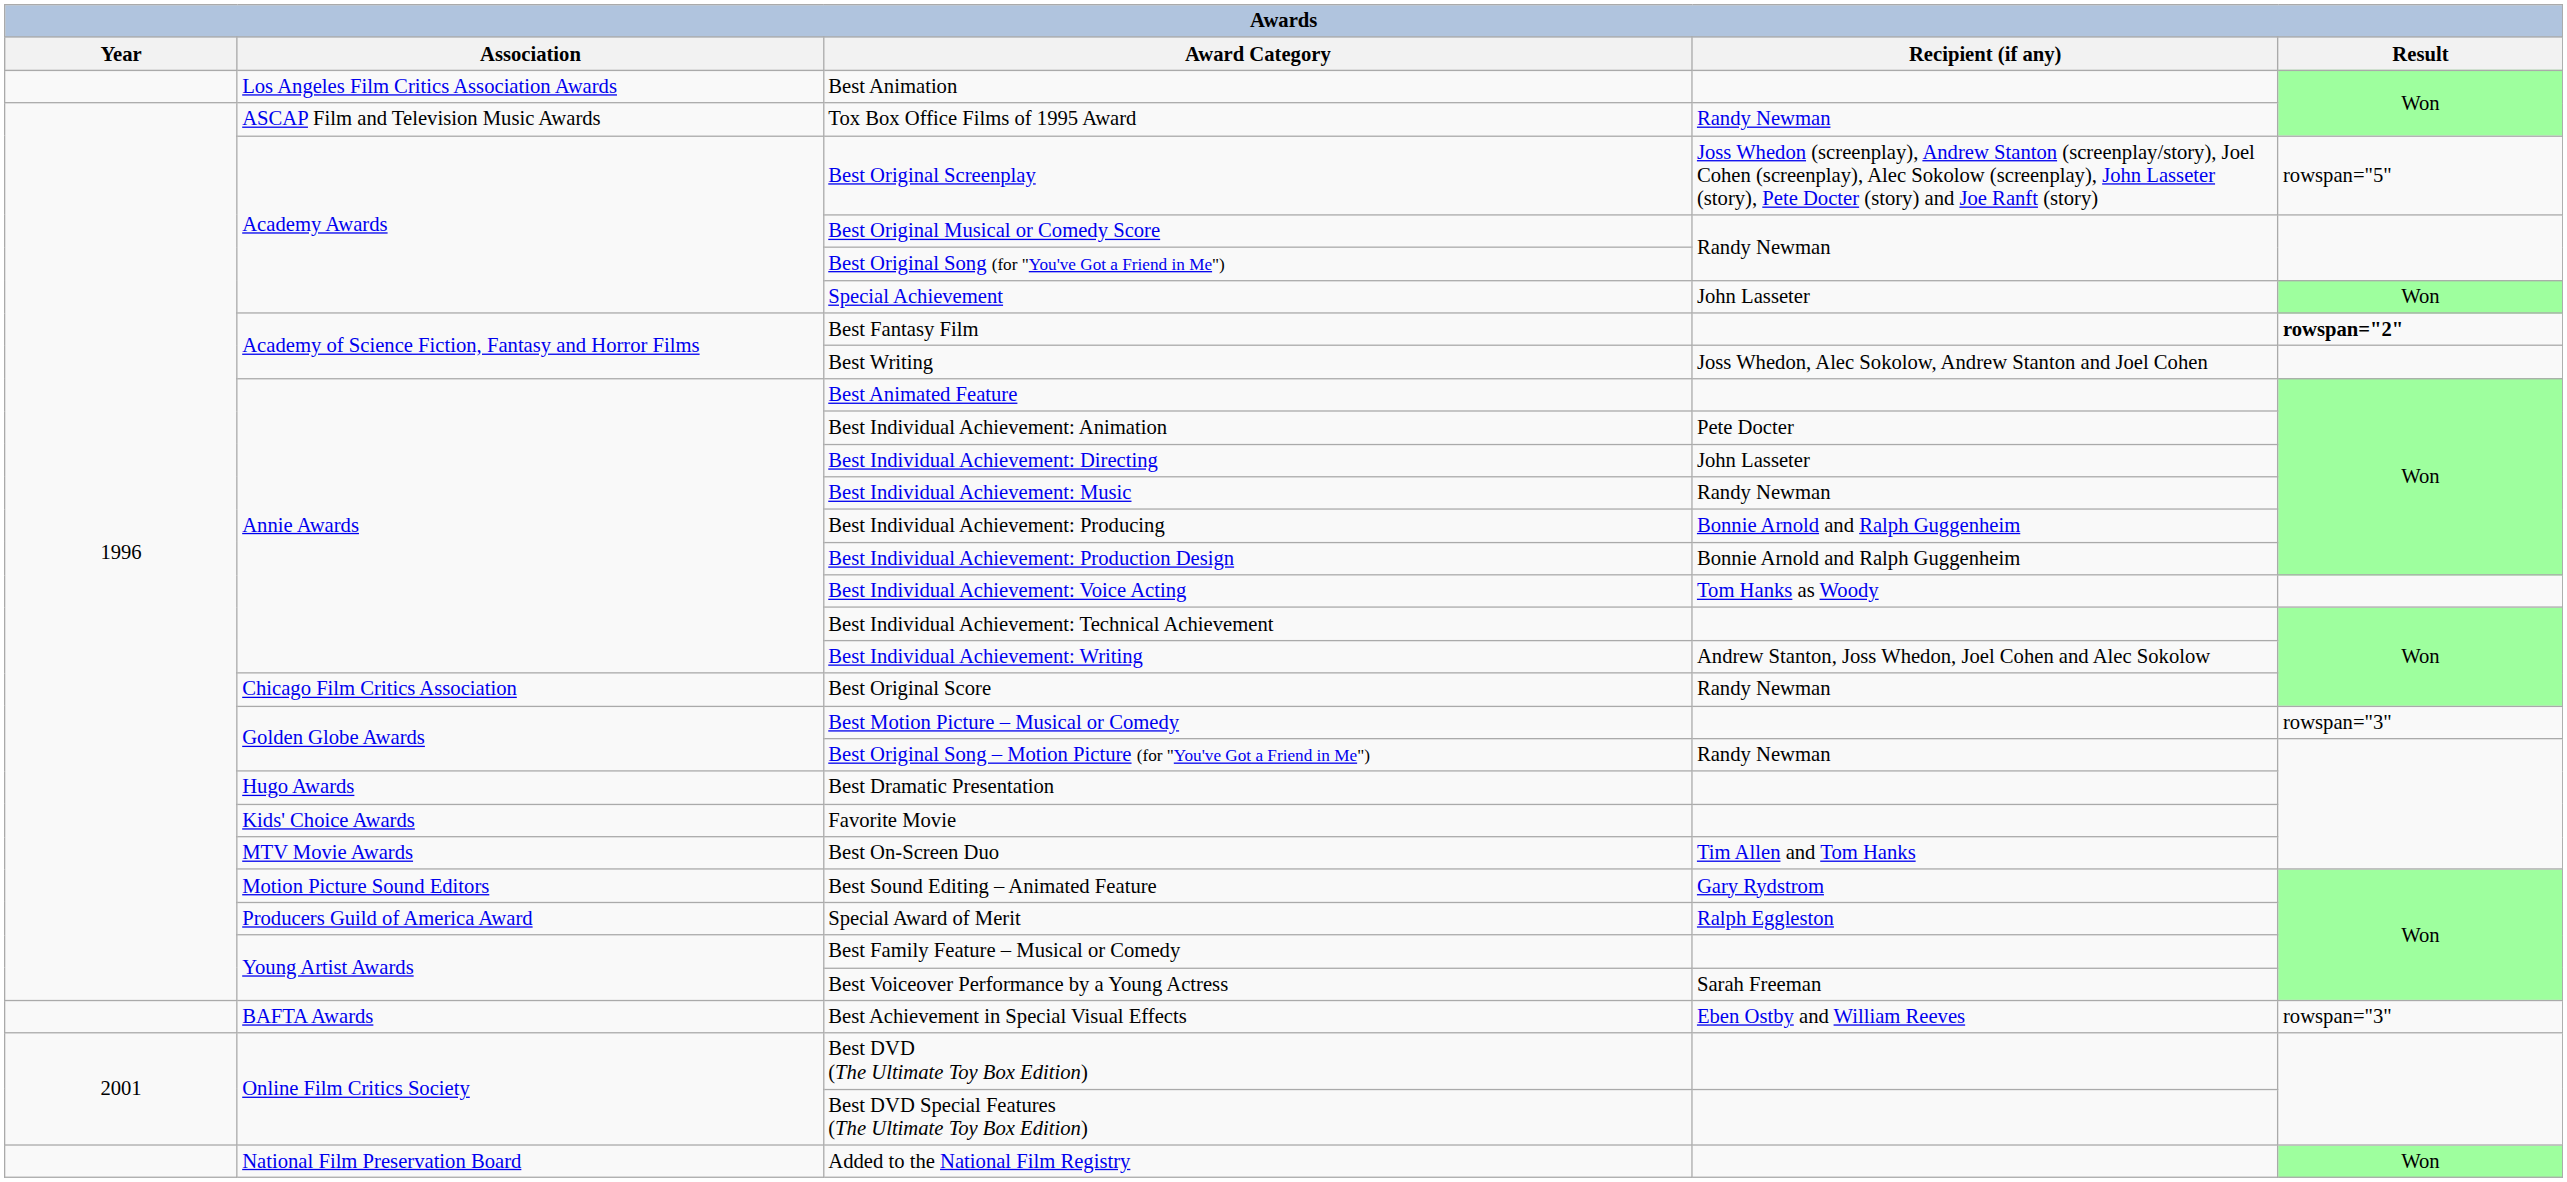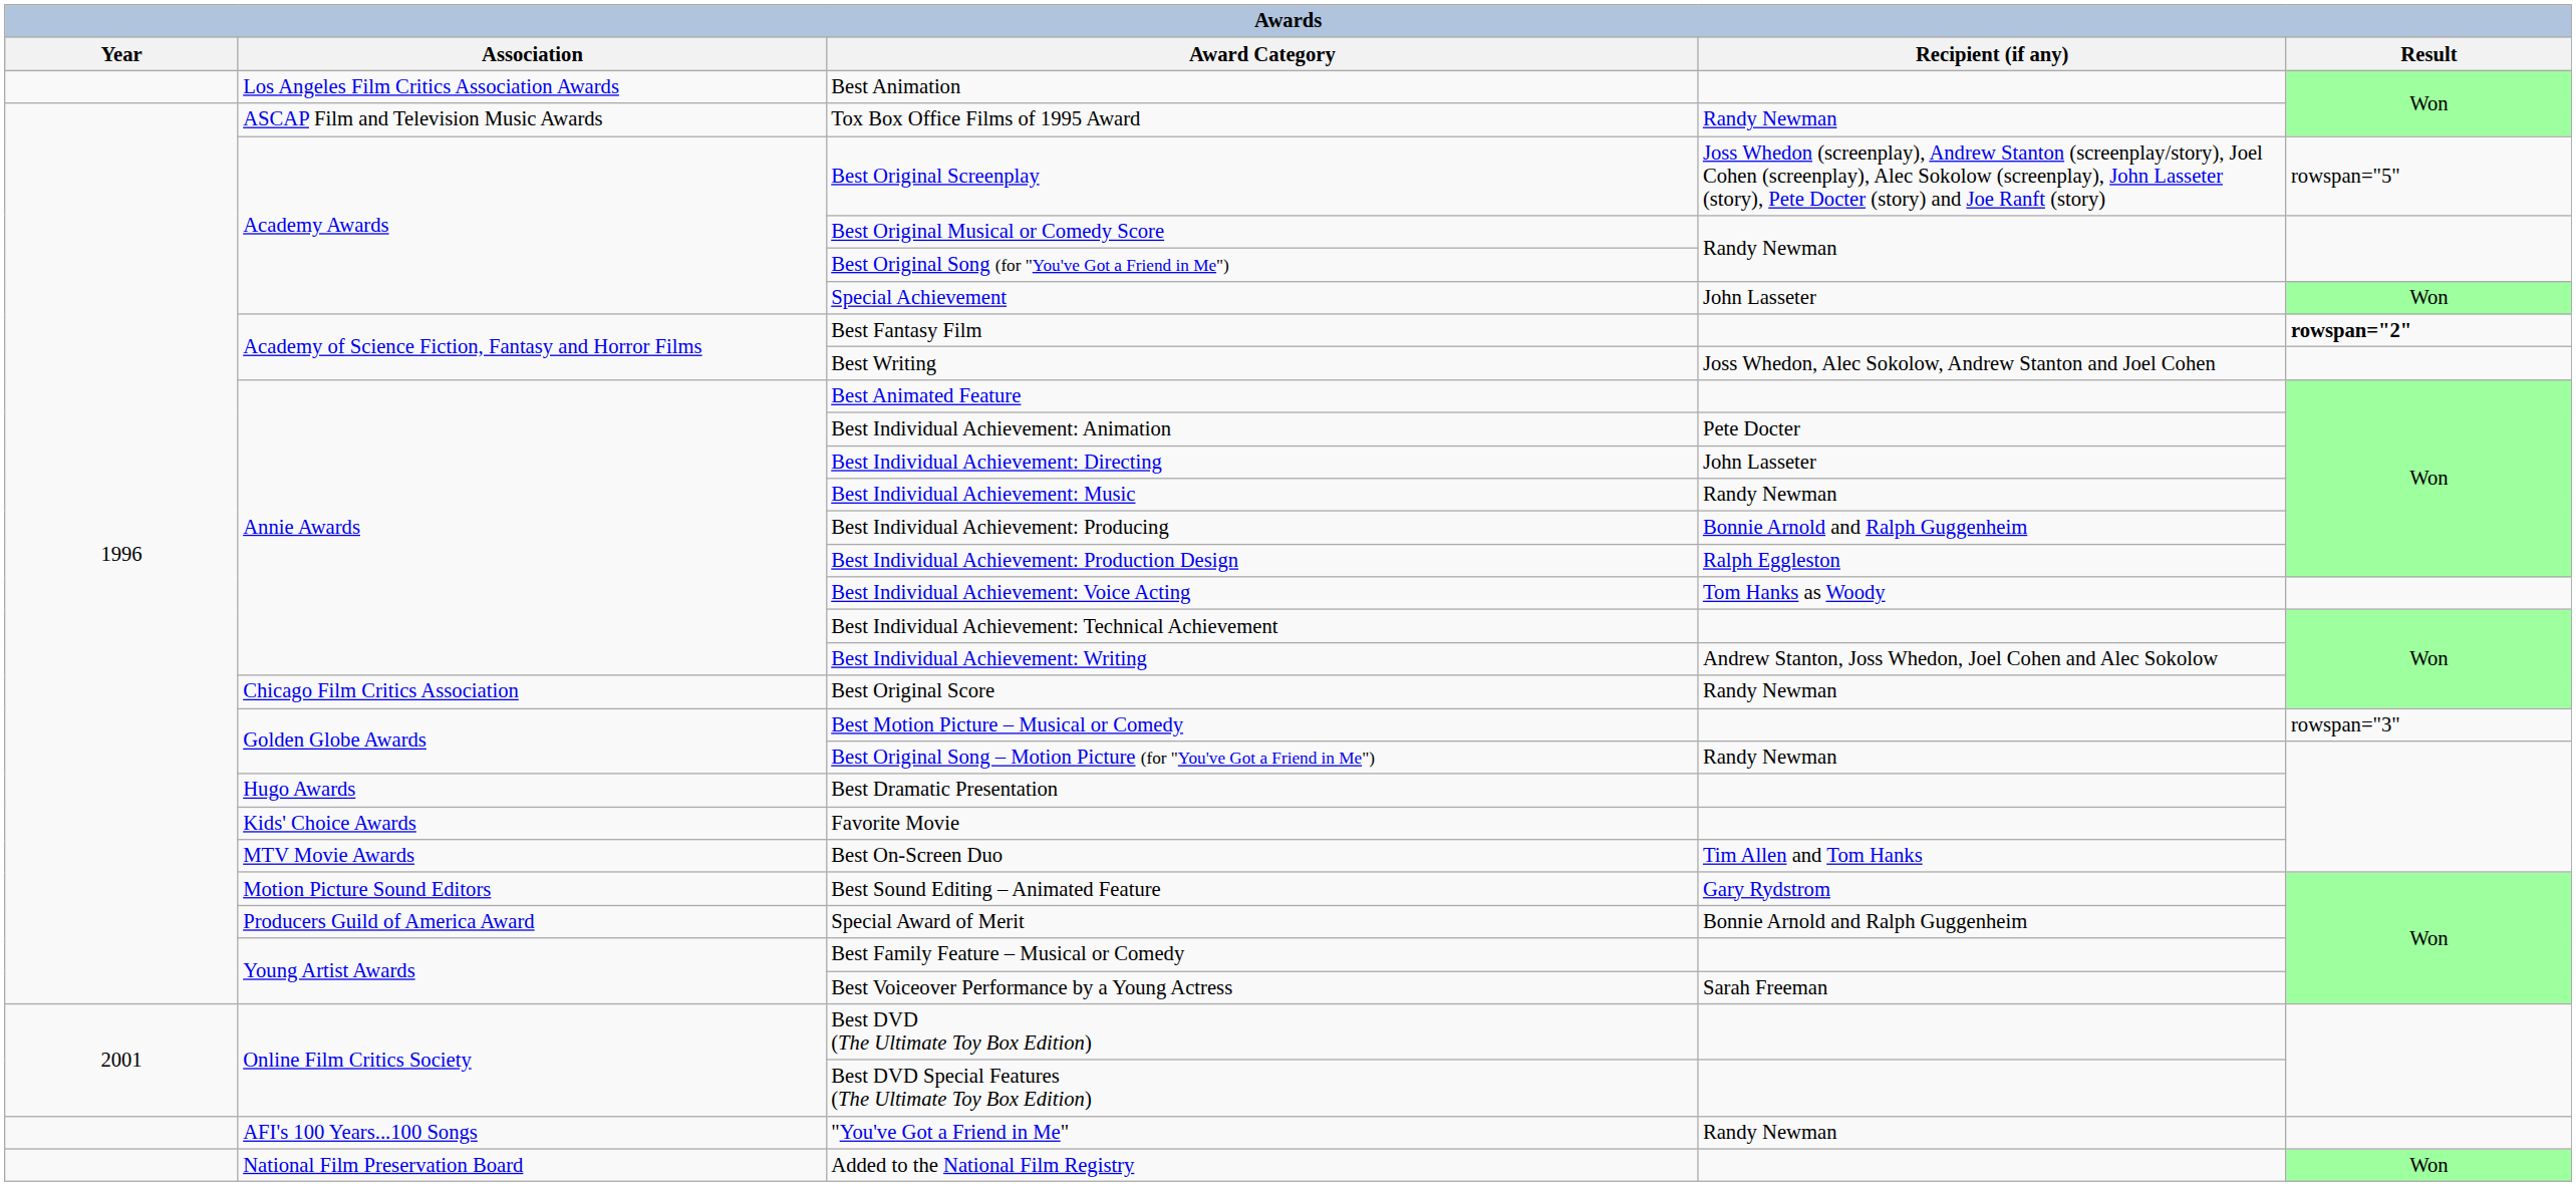 <table class="wikitable sortable" style="width:100%;">
 <tr>
 <th colspan="5" style="background: LightSteelBlue;">Awards</th>
 </tr>
 <tr style="background:#ccc;">
 <th width="075">Year</th>
 <th width="200">Association</th>
 <th width="300">Award Category</th>
 <th width="200">Recipient (if any)</th>
 <th width="80">Result</th>
 </tr>
 <tr>
 <td></td>
 <td><a href='#'>Los Angeles Film Critics Association Awards</a></td>
 <td>Best Animation</td>
 <td></td>
 <td rowspan="2" style="background:#9EFF9E;color:#000;vertical-align:middle;text-align:center;" class="yes table-yes2 notheme">Won</td>
 </tr>
 <tr>
 <td rowspan="26" style="text-align:center;">1996</td>
 <td><a href='#'>ASCAP</a> Film and Television Music Awards</td>
 <td>Tox Box Office Films of 1995 Award</td>
 <td><a href='#'>Randy Newman</a></td>
 </tr>
 <tr>
 <td rowspan="4"><a href='#'>Academy Awards</a></td>
 <td><a href='#'>Best Original Screenplay</a></td>
 <td><a href='#'>Joss Whedon</a> (screenplay), <a href='#'>Andrew Stanton</a> (screenplay/story), Joel Cohen (screenplay), Alec Sokolow (screenplay), <a href='#'>John Lasseter</a> (story), <a href='#'>Pete Docter</a> (story) and <a href='#'>Joe Ranft</a> (story)</td>
 <td>rowspan="5" </td>
 </tr>
 <tr>
 <td><a href='#'>Best Original Musical or Comedy Score</a></td>
 <td rowspan="2">Randy Newman</td>
 </tr>
 <tr>
 <td><a href='#'>Best Original Song</a> <small>(for "<a href='#'>You've Got a Friend in Me</a>")</small></td>
 </tr>
 <tr>
 <td><a href='#'>Special Achievement</a></td>
 <td>John Lasseter</td>
 <td style="background:#9EFF9E;color:#000;vertical-align:middle;text-align:center;" class="yes table-yes2 notheme">Won</td>
 </tr>
 <tr>
 <td rowspan="2"><a href='#'>Academy of Science Fiction, Fantasy and Horror Films</a></td>
 <td>Best Fantasy Film</td>
 <td></td>
 <td><strong>rowspan="2" </strong></td>
 </tr>
 <tr>
 <td>Best Writing</td>
 <td>Joss Whedon, Alec Sokolow, Andrew Stanton and Joel Cohen</td>
 </tr>
 <tr>
 <td rowspan="9"><a href='#'>Annie Awards</a></td>
 <td><a href='#'>Best Animated Feature</a></td>
 <td></td>
 <td rowspan="6" style="background:#9EFF9E;color:#000;vertical-align:middle;text-align:center;" class="yes table-yes2 notheme">Won</td>
 </tr>
 <tr>
 <td>Best Individual Achievement: Animation</td>
 <td>Pete Docter</td>
 </tr>
 <tr>
 <td><a href='#'>Best Individual Achievement: Directing</a></td>
 <td>John Lasseter</td>
 </tr>
 <tr>
 <td><a href='#'>Best Individual Achievement: Music</a></td>
 <td>Randy Newman</td>
 </tr>
 <tr>
 <td>Best Individual Achievement: Producing</td>
 <td><a href='#'>Bonnie Arnold</a> and <a href='#'>Ralph Guggenheim</a></td>
 </tr>
 <tr>
 <td><a href='#'>Best Individual Achievement: Production Design</a></td>
-<td>Bonnie Arnold and Ralph Guggenheim</td>
+<td><a href='#'>Ralph Eggleston</a></td>
 </tr>
 <tr>
 <td><a href='#'>Best Individual Achievement: Voice Acting</a></td>
 <td><a href='#'>Tom Hanks</a> as <a href='#'>Woody</a></td>
 <td></td>
 </tr>
 <tr>
 <td>Best Individual Achievement: Technical Achievement</td>
 <td></td>
 <td rowspan="3" style="background:#9EFF9E;color:#000;vertical-align:middle;text-align:center;" class="yes table-yes2 notheme">Won</td>
 </tr>
 <tr>
 <td><a href='#'>Best Individual Achievement: Writing</a></td>
 <td>Andrew Stanton, Joss Whedon, Joel Cohen and Alec Sokolow</td>
 </tr>
 <tr>
 <td><a href='#'>Chicago Film Critics Association</a></td>
 <td>Best Original Score</td>
 <td>Randy Newman</td>
 </tr>
 <tr>
 <td rowspan="2"><a href='#'>Golden Globe Awards</a></td>
 <td><a href='#'>Best Motion Picture – Musical or Comedy</a></td>
 <td></td>
 <td>rowspan="3" </td>
 </tr>
 <tr>
 <td><a href='#'>Best Original Song – Motion Picture</a> <small>(for "<a href='#'>You've Got a Friend in Me</a>")</small></td>
 <td>Randy Newman</td>
 </tr>
 <tr>
 <td><a href='#'>Hugo Awards</a></td>
 <td>Best Dramatic Presentation</td>
 <td></td>
 </tr>
 <tr>
 <td><a href='#'>Kids' Choice Awards</a></td>
 <td>Favorite Movie</td>
 <td></td>
 </tr>
 <tr>
 <td><a href='#'>MTV Movie Awards</a></td>
 <td>Best On-Screen Duo</td>
 <td><a href='#'>Tim Allen</a> and <a href='#'>Tom Hanks</a></td>
 </tr>
 <tr>
 <td><a href='#'>Motion Picture Sound Editors</a></td>
 <td>Best Sound Editing – Animated Feature</td>
 <td><a href='#'>Gary Rydstrom</a></td>
 <td rowspan="4" style="background:#9EFF9E;color:#000;vertical-align:middle;text-align:center;" class="yes table-yes2 notheme">Won</td>
 </tr>
 <tr>
 <td><a href='#'>Producers Guild of America Award</a></td>
 <td>Special Award of Merit</td>
-<td><a href='#'>Ralph Eggleston</a></td>
+<td>Bonnie Arnold and Ralph Guggenheim</td>
 </tr>
 <tr>
 <td rowspan="2"><a href='#'>Young Artist Awards</a></td>
 <td>Best Family Feature – Musical or Comedy</td>
 <td></td>
 </tr>
 <tr>
 <td>Best Voiceover Performance by a Young Actress</td>
 <td>Sarah Freeman</td>
-</tr>
-<tr>
-<td></td>
-<td><a href='#'>BAFTA Awards</a></td>
-<td>Best Achievement in Special Visual Effects</td>
-<td><a href='#'>Eben Ostby</a> and <a href='#'>William Reeves</a></td>
-<td>rowspan="3" </td>
 </tr>
 <tr>
 <td rowspan="2" style="text-align:center;">2001</td>
 <td rowspan="2"><a href='#'>Online Film Critics Society</a></td>
 <td>Best DVD<br>(<em>The Ultimate Toy Box Edition</em>)</td>
 <td></td>
 </tr>
 <tr>
 <td>Best DVD Special Features<br>(<em>The Ultimate Toy Box Edition</em>)</td>
 <td></td>
 </tr>
 <tr>
 <td></td>
+<td><a href='#'>AFI's 100 Years...100 Songs</a></td>
+<td>"<a href='#'>You've Got a Friend in Me</a>"</td>
+<td>Randy Newman</td>
+<td></td>
+</tr>
+<tr>
+<td></td>
 <td><a href='#'>National Film Preservation Board</a></td>
 <td>Added to the <a href='#'>National Film Registry</a></td>
 <td></td>
 <td style="background:#9EFF9E;color:#000;vertical-align:middle;text-align:center;" class="yes table-yes2 notheme">Won</td>
 </tr>
 </table>
